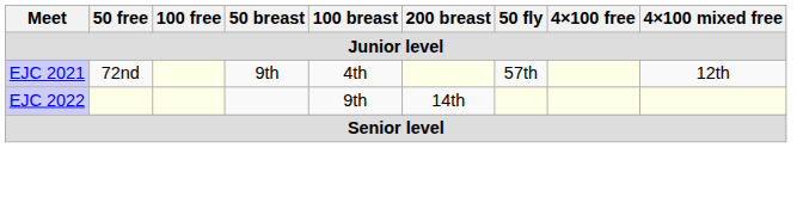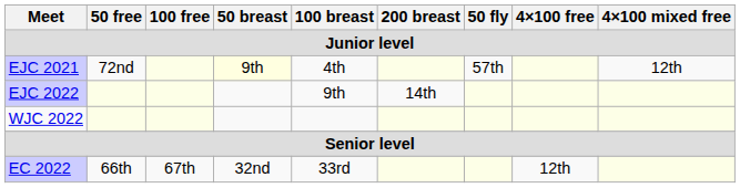 <table class="sortable wikitable">
 <tr>
 <th>Meet</th>
 <th class="unsortable">50 free</th>
 <th class="unsortable">100 free</th>
 <th class="unsortable">50 breast</th>
 <th class="unsortable">100 breast</th>
 <th class="unsortable">200 breast</th>
 <th class="unsortable">50 fly</th>
 <th class="unsortable">4×100 free</th>
 <th class="unsortable">4×100 mixed free</th>
 </tr>
 <tr bgcolor="#DDDDDD">
 <td colspan="9" align="center"><strong>Junior level</strong></td>
 </tr>
 <tr>
 <td style="background:#ccccff"><a href='#'>EJC 2021</a></td>
 <td align="center">72nd</td>
 <td style="background:#fdffe7"></td>
-<td align="center">9th</td>
+<td align="center" style="background: lightyellow;">9th</td>
 <td align="center">4th</td>
 <td style="background:#fdffe7"></td>
 <td align="center">57th</td>
 <td style="background:#fdffe7"></td>
 <td align="center">12th</td>
 </tr>
 <tr>
 <td style="background:#ccccff"><a href='#'>EJC 2022</a></td>
 <td style="background:#fdffe7"></td>
 <td style="background:#fdffe7"></td>
 <td align="center"></td>
 <td align="center">9th</td>
 <td align="center">14th</td>
 <td style="background:#fdffe7"></td>
 <td style="background:#fdffe7"></td>
 <td style="background:#fdffe7"></td>
 </tr>
+<tr>
+<td><a href='#'>WJC 2022</a></td>
+<td style="background:#fdffe7"></td>
+<td style="background:#fdffe7"></td>
+<td align="center"></td>
+<td align="center"></td>
+<td style="background:#fdffe7"></td>
+<td style="background:#fdffe7"></td>
+<td style="background:#fdffe7"></td>
+<td style="background:#fdffe7"></td>
+</tr>
 <tr bgcolor="#DDDDDD">
 <td colspan="9" align="center"><strong>Senior level</strong></td>
 </tr>
+<tr>
+<td style="background:#ccccff"><a href='#'>EC 2022</a></td>
+<td align="center">66th</td>
+<td align="center">67th</td>
+<td align="center">32nd</td>
+<td align="center">33rd</td>
+<td style="background:#fdffe7"></td>
+<td style="background:#fdffe7"></td>
+<td align="center">12th</td>
+<td style="background:#fdffe7"></td>
+</tr>
 </table>
